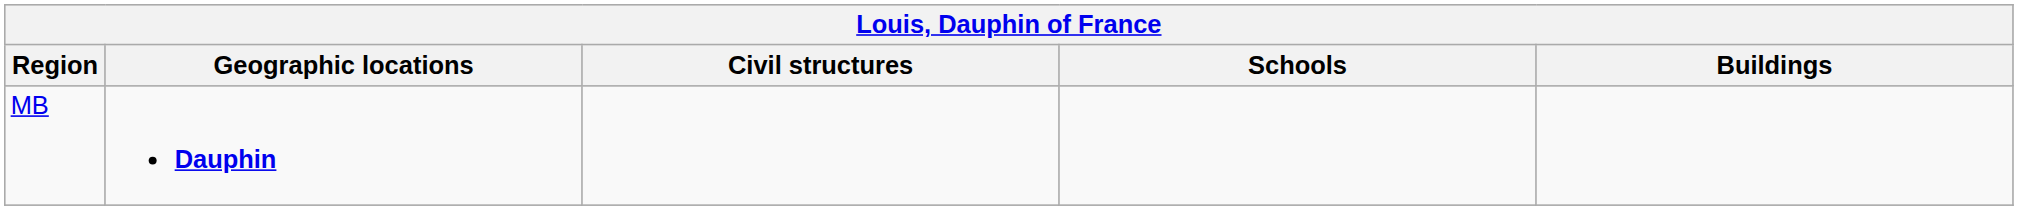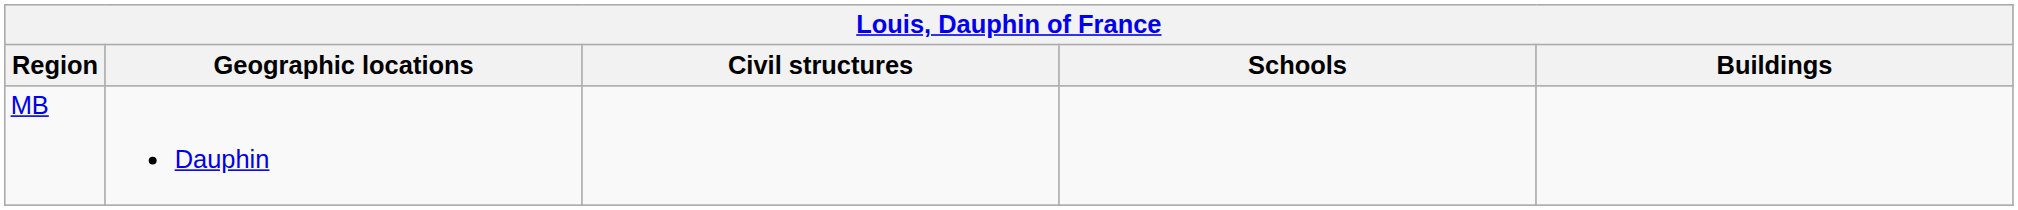 <table class="wikitable" width="100%">
 <tr>
 <th colspan="5"> <a href='#'>Louis, Dauphin of France</a></th>
 </tr>
 <tr>
 <th width="5%">Region</th>
 <th width="23.75%">Geographic locations</th>
 <th width="23.75%">Civil structures</th>
 <th width="23.75%">Schools</th>
 <th width="23.75%">Buildings</th>
 </tr>
 <tr>
 <td align=left valign=top> <a href='#'>MB</a></td>
-<td align=left valign=top><strong><br><ul><li><a href='#'>Dauphin</a></li></ul></strong></td>
+<td align=left valign=top><br><ul><li><a href='#'>Dauphin</a></li></ul></td>
 <td></td>
 <td></td>
 <td></td>
 </tr>
 </table>
